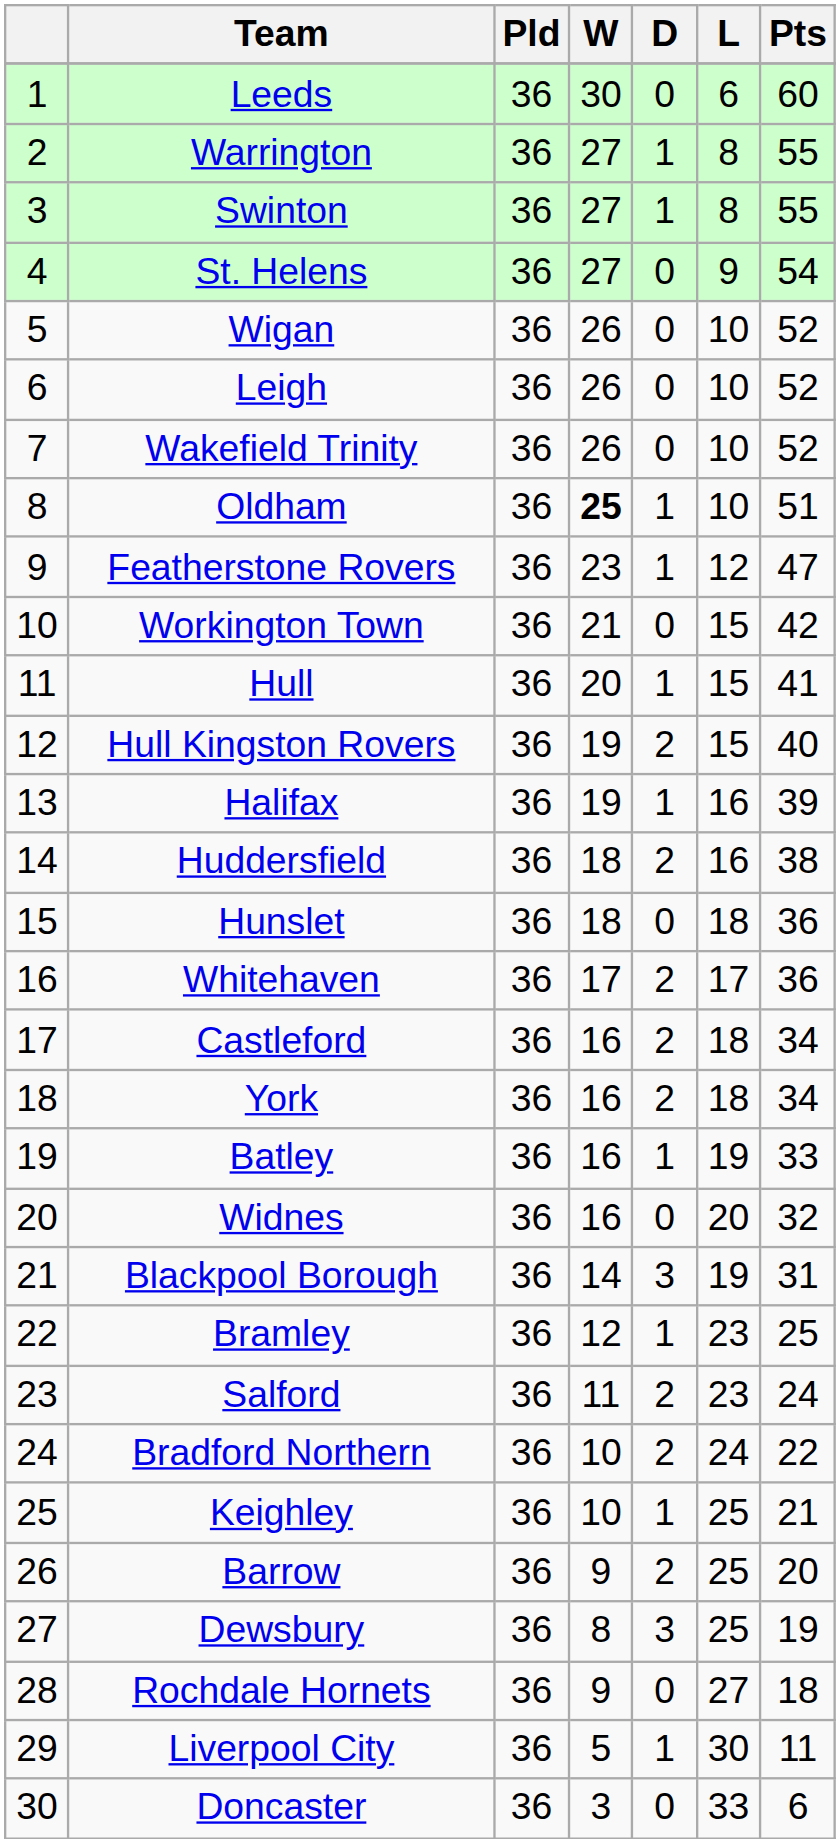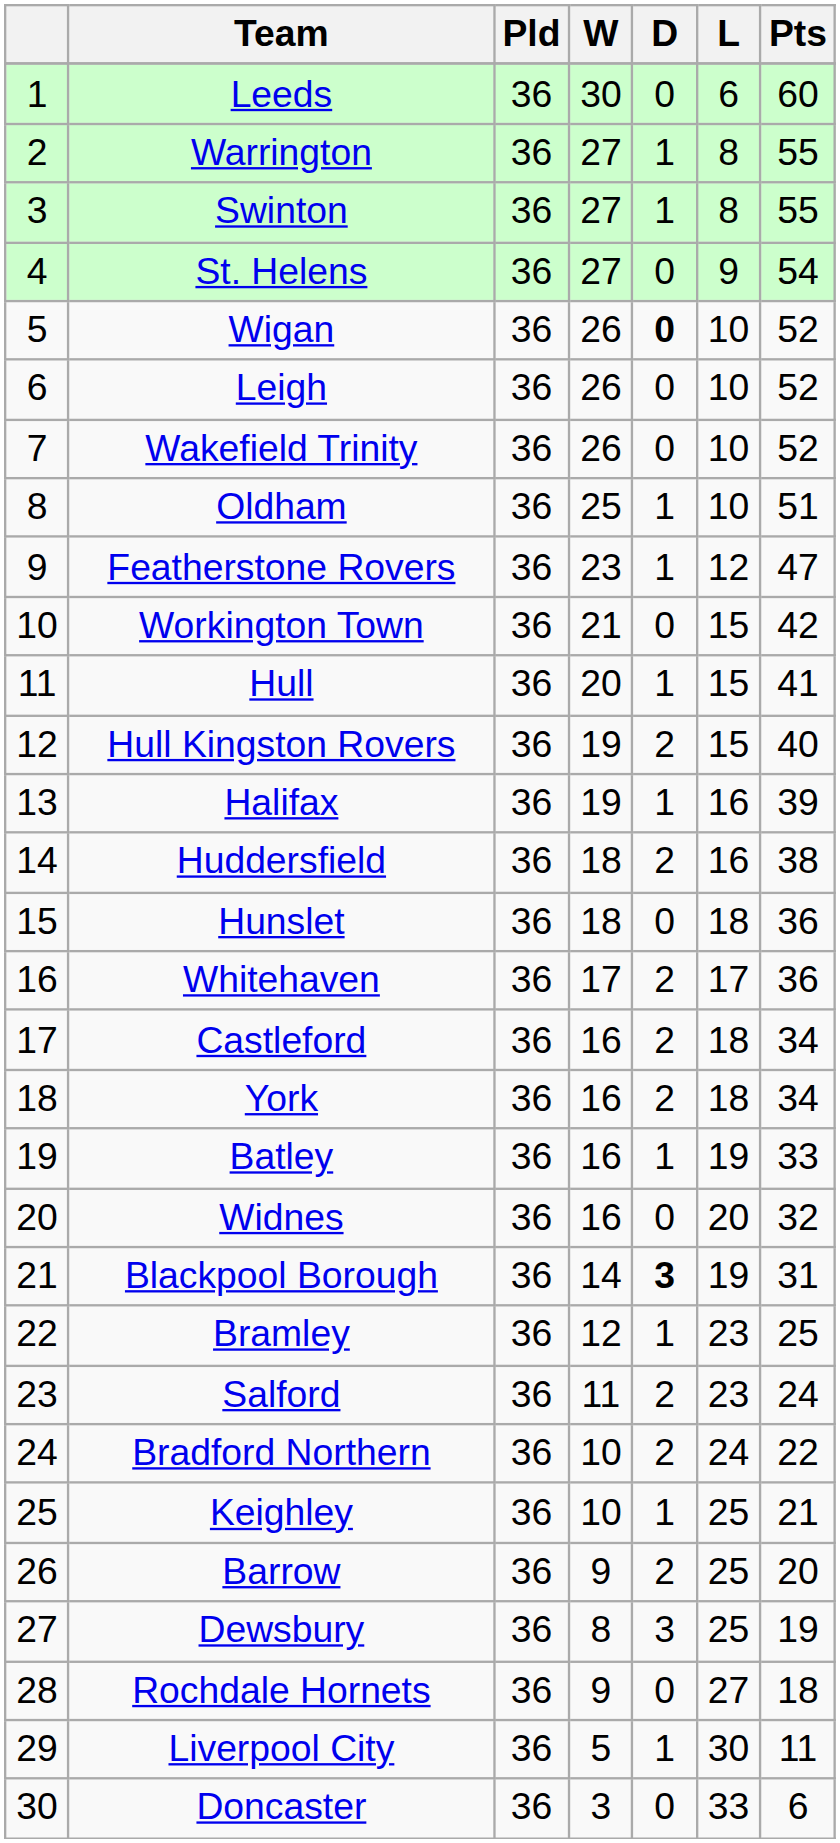 <table class="wikitable" style="text-align:center;">
 <tr>
 <th width=20 abbr="Position"></th>
 <th width=175>Team</th>
 <th width=20 abbr="Played">Pld</th>
 <th width=20 abbr="Won">W</th>
 <th width=20 abbr="Drawn">D</th>
 <th width=20 abbr="Lost">L</th>
 <th width=20 abbr="Points">Pts</th>
 </tr>
 <tr>
 </tr>
 <tr align=center style="background:#ccffcc;color:">
 <td>1</td>
 <td><a href='#'>Leeds</a></td>
 <td>36</td>
 <td>30</td>
 <td>0</td>
 <td>6</td>
 <td>60</td>
 </tr>
 <tr align=center style="background:#ccffcc;color:">
 <td>2</td>
 <td><a href='#'>Warrington</a></td>
 <td>36</td>
 <td>27</td>
 <td>1</td>
 <td>8</td>
 <td>55</td>
 </tr>
 <tr align=center style="background:#ccffcc;color:">
 <td>3</td>
 <td><a href='#'>Swinton</a></td>
 <td>36</td>
 <td>27</td>
 <td>1</td>
 <td>8</td>
 <td>55</td>
 </tr>
 <tr align=center style="background:#ccffcc;color:">
 <td>4</td>
 <td><a href='#'>St. Helens</a></td>
 <td>36</td>
 <td>27</td>
 <td>0</td>
 <td>9</td>
 <td>54</td>
 </tr>
 <tr align=center style="background:">
 <td>5</td>
 <td><a href='#'>Wigan</a></td>
 <td>36</td>
 <td>26</td>
-<td>0</td>
+<td><strong>0</strong></td>
 <td>10</td>
 <td>52</td>
 </tr>
 <tr align=center style="background:">
 <td>6</td>
 <td><a href='#'>Leigh</a></td>
 <td>36</td>
 <td>26</td>
 <td>0</td>
 <td>10</td>
 <td>52</td>
 </tr>
 <tr align=center style="background:">
 <td>7</td>
 <td><a href='#'>Wakefield Trinity</a></td>
 <td>36</td>
 <td>26</td>
 <td>0</td>
 <td>10</td>
 <td>52</td>
 </tr>
 <tr align=center style="background:">
 <td>8</td>
 <td><a href='#'>Oldham</a></td>
 <td>36</td>
-<td><strong>25</strong></td>
+<td>25</td>
 <td>1</td>
 <td>10</td>
 <td>51</td>
 </tr>
 <tr align=center style="background:">
 <td>9</td>
 <td><a href='#'>Featherstone Rovers</a></td>
 <td>36</td>
 <td>23</td>
 <td>1</td>
 <td>12</td>
 <td>47</td>
 </tr>
 <tr align=center style="background:">
 <td>10</td>
 <td><a href='#'>Workington Town</a></td>
 <td>36</td>
 <td>21</td>
 <td>0</td>
 <td>15</td>
 <td>42</td>
 </tr>
 <tr align=center style="background:">
 <td>11</td>
 <td><a href='#'>Hull</a></td>
 <td>36</td>
 <td>20</td>
 <td>1</td>
 <td>15</td>
 <td>41</td>
 </tr>
 <tr align=center style="background:">
 <td>12</td>
 <td><a href='#'>Hull Kingston Rovers</a></td>
 <td>36</td>
 <td>19</td>
 <td>2</td>
 <td>15</td>
 <td>40</td>
 </tr>
 <tr align=center style="background:">
 <td>13</td>
 <td><a href='#'>Halifax</a></td>
 <td>36</td>
 <td>19</td>
 <td>1</td>
 <td>16</td>
 <td>39</td>
 </tr>
 <tr align=center style="background:">
 <td>14</td>
 <td><a href='#'>Huddersfield</a></td>
 <td>36</td>
 <td>18</td>
 <td>2</td>
 <td>16</td>
 <td>38</td>
 </tr>
 <tr align=center style="background:">
 <td>15</td>
 <td><a href='#'>Hunslet</a></td>
 <td>36</td>
 <td>18</td>
 <td>0</td>
 <td>18</td>
 <td>36</td>
 </tr>
 <tr align=center style="background:">
 <td>16</td>
 <td><a href='#'>Whitehaven</a></td>
 <td>36</td>
 <td>17</td>
 <td>2</td>
 <td>17</td>
 <td>36</td>
 </tr>
 <tr align=center style="background:">
 <td>17</td>
 <td><a href='#'>Castleford</a></td>
 <td>36</td>
 <td>16</td>
 <td>2</td>
 <td>18</td>
 <td>34</td>
 </tr>
 <tr align=center style="background:">
 <td>18</td>
 <td><a href='#'>York</a></td>
 <td>36</td>
 <td>16</td>
 <td>2</td>
 <td>18</td>
 <td>34</td>
 </tr>
 <tr align=center style="background:">
 <td>19</td>
 <td><a href='#'>Batley</a></td>
 <td>36</td>
 <td>16</td>
 <td>1</td>
 <td>19</td>
 <td>33</td>
 </tr>
 <tr align=center style="background:">
 <td>20</td>
 <td><a href='#'>Widnes</a></td>
 <td>36</td>
 <td>16</td>
 <td>0</td>
 <td>20</td>
 <td>32</td>
 </tr>
 <tr align=center style="background:">
 <td>21</td>
 <td><a href='#'>Blackpool Borough</a></td>
 <td>36</td>
 <td>14</td>
-<td>3</td>
+<td><strong>3</strong></td>
 <td>19</td>
 <td>31</td>
 </tr>
 <tr align=center style="background:">
 <td>22</td>
 <td><a href='#'>Bramley</a></td>
 <td>36</td>
 <td>12</td>
 <td>1</td>
 <td>23</td>
 <td>25</td>
 </tr>
 <tr align=center style="background:">
 <td>23</td>
 <td><a href='#'>Salford</a></td>
 <td>36</td>
 <td>11</td>
 <td>2</td>
 <td>23</td>
 <td>24</td>
 </tr>
 <tr align=center style="background:">
 <td>24</td>
 <td><a href='#'>Bradford Northern</a></td>
 <td>36</td>
 <td>10</td>
 <td>2</td>
 <td>24</td>
 <td>22</td>
 </tr>
 <tr align=center style="background:">
 <td>25</td>
 <td><a href='#'>Keighley</a></td>
 <td>36</td>
 <td>10</td>
 <td>1</td>
 <td>25</td>
 <td>21</td>
 </tr>
 <tr align=center style="background:">
 <td>26</td>
 <td><a href='#'>Barrow</a></td>
 <td>36</td>
 <td>9</td>
 <td>2</td>
 <td>25</td>
 <td>20</td>
 </tr>
 <tr align=center style="background:">
 <td>27</td>
 <td><a href='#'>Dewsbury</a></td>
 <td>36</td>
 <td>8</td>
 <td>3</td>
 <td>25</td>
 <td>19</td>
 </tr>
 <tr align=center style="background:">
 <td>28</td>
 <td><a href='#'>Rochdale Hornets</a></td>
 <td>36</td>
 <td>9</td>
 <td>0</td>
 <td>27</td>
 <td>18</td>
 </tr>
 <tr align=center style="background:">
 <td>29</td>
 <td><a href='#'>Liverpool City</a></td>
 <td>36</td>
 <td>5</td>
 <td>1</td>
 <td>30</td>
 <td>11</td>
 </tr>
 <tr align=center style="background:">
 <td>30</td>
 <td><a href='#'>Doncaster</a></td>
 <td>36</td>
 <td>3</td>
 <td>0</td>
 <td>33</td>
 <td>6</td>
 </tr>
 <tr>
 </tr>
 </table>
